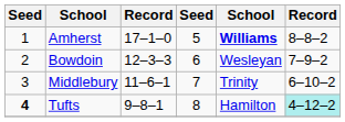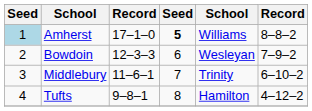 <table class="wikitable">
 <tr>
 <th>Seed</th>
 <th>School</th>
 <th>Record</th>
 <th>Seed</th>
 <th>School</th>
 <th>Record</th>
 </tr>
 <tr>
-<td align=center>1</td>
+<td align=center style="background: lightblue;">1</td>
 <td><a href='#'>Amherst</a></td>
 <td>17–1–0</td>
-<td align=center>5</td>
-<td><strong><a href='#'>Williams</a></strong></td>
+<td align=center><strong>5</strong></td>
+<td><a href='#'>Williams</a></td>
 <td>8–8–2</td>
 </tr>
 <tr>
 <td align=center>2</td>
 <td><a href='#'>Bowdoin</a></td>
 <td>12–3–3</td>
 <td align=center>6</td>
 <td><a href='#'>Wesleyan</a></td>
 <td>7–9–2</td>
 </tr>
 <tr>
 <td align=center>3</td>
 <td><a href='#'>Middlebury</a></td>
 <td>11–6–1</td>
 <td align=center>7</td>
 <td><a href='#'>Trinity</a></td>
 <td>6–10–2</td>
 </tr>
 <tr>
-<td align=center><strong>4</strong></td>
+<td align=center>4</td>
 <td><a href='#'>Tufts</a></td>
 <td>9–8–1</td>
 <td align=center>8</td>
 <td><a href='#'>Hamilton</a></td>
-<td style="background: paleturquoise;">4–12–2</td>
+<td>4–12–2</td>
 </tr>
 <tr>
 </tr>
 </table>
